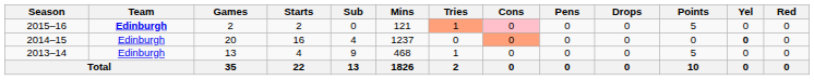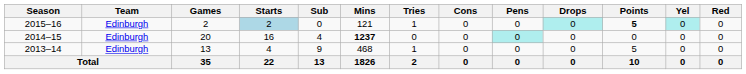 <table class="wikitable" style="text-align:center; line-height:90%; font-size:95%; width:60%;">
 <tr>
 <th>Season</th>
 <th>Team</th>
 <th>Games</th>
 <th>Starts</th>
 <th>Sub</th>
 <th>Mins</th>
 <th>Tries</th>
 <th>Cons</th>
 <th>Pens</th>
 <th>Drops</th>
 <th>Points</th>
 <th>Yel</th>
 <th>Red</th>
 </tr>
 <tr>
 <td>2015–16</td>
-<td><strong><a href='#'>Edinburgh</a></strong></td>
+<td><a href='#'>Edinburgh</a></td>
 <td>2</td>
-<td>2</td>
+<td style="background: lightblue;">2</td>
 <td>0</td>
 <td>121</td>
-<td style="background: lightsalmon;">1</td>
-<td style="background: pink;">0</td>
+<td>1</td>
 <td>0</td>
 <td>0</td>
-<td>5</td>
-<td>0</td>
+<td style="background: paleturquoise;">0</td>
+<td><strong>5</strong></td>
+<td style="background: paleturquoise;">0</td>
 <td>0</td>
 </tr>
 <tr>
 <td>2014–15</td>
 <td><a href='#'>Edinburgh</a></td>
 <td>20</td>
 <td>16</td>
 <td>4</td>
-<td>1237</td>
+<td><strong>1237</strong></td>
 <td>0</td>
-<td style="background: lightsalmon;">0</td>
+<td>0</td>
+<td style="background: paleturquoise;">0</td>
 <td>0</td>
 <td>0</td>
 <td>0</td>
-<td><strong>0</strong></td>
 <td>0</td>
 </tr>
 <tr>
 <td>2013–14</td>
 <td><a href='#'>Edinburgh</a></td>
 <td>13</td>
 <td>4</td>
 <td>9</td>
 <td>468</td>
 <td>1</td>
 <td>0</td>
 <td>0</td>
 <td>0</td>
 <td>5</td>
 <td>0</td>
 <td>0</td>
 </tr>
 <tr>
 <th colspan="2">Total</th>
 <th>35</th>
 <th>22</th>
 <th>13</th>
 <th>1826</th>
 <th>2</th>
 <th>0</th>
 <th>0</th>
 <th>0</th>
 <th>10</th>
 <th>0</th>
 <th>0</th>
 </tr>
 </table>
